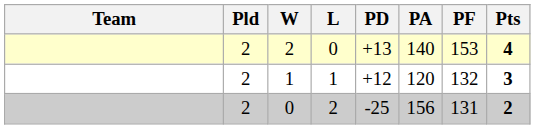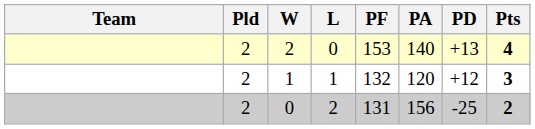 <table class=wikitable style="text-align:center">
 <tr>
 <th width=180>Team</th>
 <th width=30>Pld</th>
 <th width=30>W</th>
 <th width=30>L</th>
+<th width=30>PF</th>
+<th width=30>PA</th>
 <th width=30>PD</th>
-<th width=30>PA</th>
-<th width=30>PF</th>
 <th width=30>Pts</th>
 </tr>
 <tr bgcolor="#ffffcc">
 <td align=left></td>
 <td>2</td>
 <td>2</td>
 <td>0</td>
+<td>153</td>
+<td>140</td>
 <td>+13</td>
-<td>140</td>
-<td>153</td>
 <td><strong>4</strong></td>
 </tr>
 <tr bgcolor="#ffffff">
 <td align=left></td>
 <td>2</td>
 <td>1</td>
 <td>1</td>
+<td>132</td>
+<td>120</td>
 <td>+12</td>
-<td>120</td>
-<td>132</td>
 <td><strong>3</strong></td>
 </tr>
 <tr bgcolor="#cccccc">
 <td align=left></td>
 <td>2</td>
 <td>0</td>
 <td>2</td>
+<td>131</td>
+<td>156</td>
 <td>-25</td>
-<td>156</td>
-<td>131</td>
 <td><strong>2</strong></td>
 </tr>
 </table>
